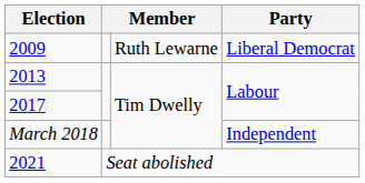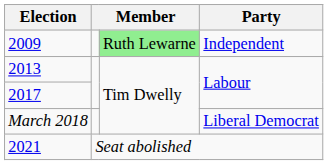 <table class="wikitable">
 <tr>
 <th>Election</th>
 <th colspan="2">Member</th>
 <th>Party</th>
 </tr>
 <tr>
 <td><a href='#'>2009</a></td>
 <td rowspan="1" style="background-color: "></td>
-<td rowspan="1">Ruth Lewarne</td>
-<td rowspan="1"><a href='#'>Liberal Democrat</a></td>
+<td rowspan="1" style="background: lightgreen;">Ruth Lewarne</td>
+<td rowspan="1"><a href='#'>Independent</a></td>
 </tr>
 <tr>
 <td><a href='#'>2013</a></td>
 <td rowspan="2" style="background-color: "></td>
 <td rowspan="3">Tim Dwelly</td>
 <td rowspan="2"><a href='#'>Labour</a></td>
 </tr>
 <tr>
 <td><a href='#'>2017</a></td>
 </tr>
 <tr>
 <td><em>March 2018</em></td>
 <td rowspan="1" style="background-color: "></td>
-<td rowspan="1"><a href='#'>Independent</a></td>
+<td rowspan="1"><a href='#'>Liberal Democrat</a></td>
 </tr>
 <tr>
 <td><a href='#'>2021</a></td>
 <td colspan="3"><em>Seat abolished</em></td>
 </tr>
 </table>
